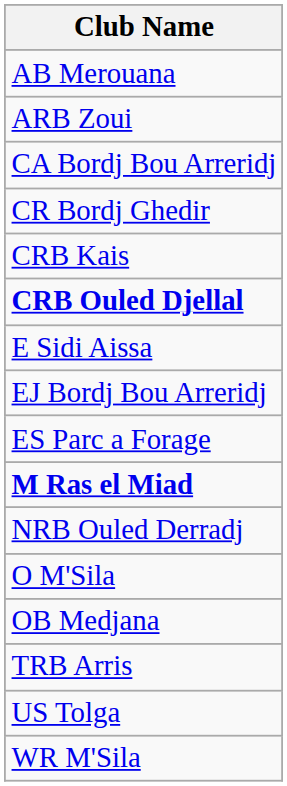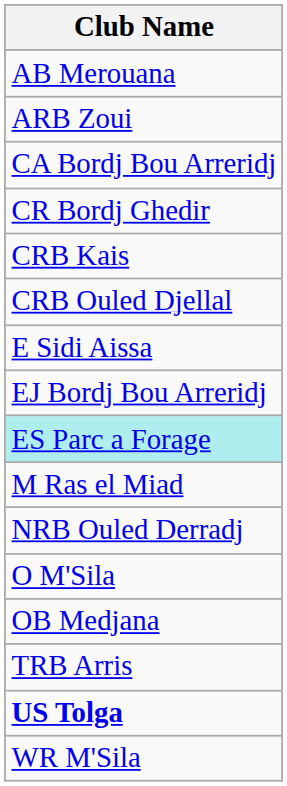 <table class="wikitable">
 <tr>
 <th>Club Name</th>
 </tr>
 <tr>
 <td><a href='#'>AB Merouana</a></td>
 </tr>
 <tr>
 <td><a href='#'>ARB Zoui</a></td>
 </tr>
 <tr>
 <td><a href='#'>CA Bordj Bou Arreridj</a></td>
 </tr>
 <tr>
 <td><a href='#'>CR Bordj Ghedir</a></td>
 </tr>
 <tr>
 <td><a href='#'>CRB Kais</a></td>
 </tr>
 <tr>
-<td><strong><a href='#'>CRB Ouled Djellal</a></strong></td>
+<td><a href='#'>CRB Ouled Djellal</a></td>
 </tr>
 <tr>
 <td><a href='#'>E Sidi Aissa</a></td>
 </tr>
 <tr>
 <td><a href='#'>EJ Bordj Bou Arreridj</a></td>
 </tr>
 <tr>
-<td><a href='#'>ES Parc a Forage</a></td>
+<td style="background: paleturquoise;"><a href='#'>ES Parc a Forage</a></td>
 </tr>
 <tr>
-<td><strong><a href='#'>M Ras el Miad</a></strong></td>
+<td><a href='#'>M Ras el Miad</a></td>
 </tr>
 <tr>
 <td><a href='#'>NRB Ouled Derradj</a></td>
 </tr>
 <tr>
 <td><a href='#'>O M'Sila</a></td>
 </tr>
 <tr>
 <td><a href='#'>OB Medjana</a></td>
 </tr>
 <tr>
 <td><a href='#'>TRB Arris</a></td>
 </tr>
 <tr>
-<td><a href='#'>US Tolga</a></td>
+<td><strong><a href='#'>US Tolga</a></strong></td>
 </tr>
 <tr>
 <td><a href='#'>WR M'Sila</a></td>
 </tr>
 </table>
